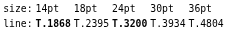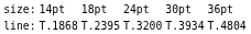 <table style="margin-left:40px;">
 <tr>
 <td>size:</td>
 <td>14pt</td>
 <td>18pt</td>
 <td>24pt</td>
 <td>30pt</td>
 <td>36pt</td>
 </tr>
 <tr>
 <td>line:</td>
-<td><strong>T.1868</strong></td>
+<td>T.1868</td>
 <td>T.2395</td>
-<td><strong>T.3200</strong></td>
+<td>T.3200</td>
 <td>T.3934</td>
 <td>T.4804</td>
 </tr>
 </table>
